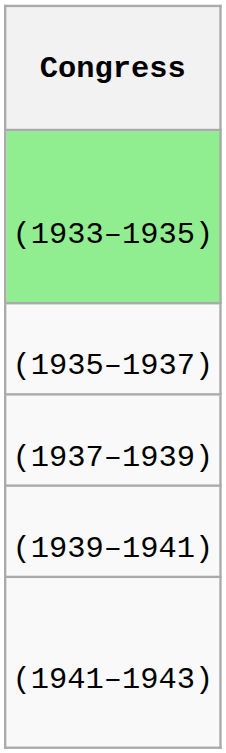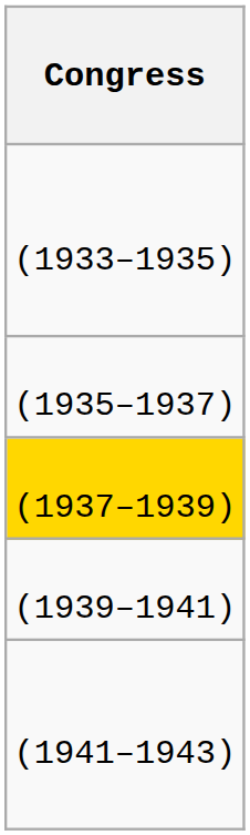 <table class="wikitable" style="float:left; margin:0; margin-right:-0.5px; margin-top:14px; text-align:center;">
 <tr style="white-space:nowrap; height:4.1em;">
 <th>Congress</th>
 </tr>
 <tr style="white-space:nowrap; height:5.69em;">
-<td style="background: lightgreen;"><strong></strong><br>(1933–1935)</td>
+<td><strong></strong><br>(1933–1935)</td>
 </tr>
 <tr style="white-space:nowrap; height:3em">
 <td><strong></strong><br>(1935–1937)</td>
 </tr>
 <tr style="white-space:nowrap; height:3em">
-<td><strong></strong><br>(1937–1939)</td>
+<td style="background: gold;"><strong></strong><br>(1937–1939)</td>
 </tr>
 <tr style="white-space:nowrap; height:3em">
 <td><strong></strong><br>(1939–1941)</td>
 </tr>
 <tr style="white-space:nowrap; height:5.6em">
 <td><strong></strong><br>(1941–1943)</td>
 </tr>
 </table>
